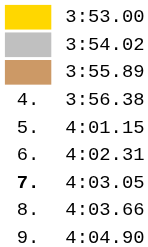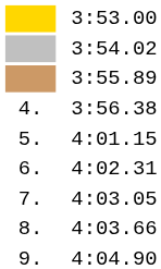 <table style="text-align:center">
 <tr>
 <td width=30 bgcolor=gold></td>
 <td align=left></td>
 <td width=60>3:53.00</td>
 </tr>
 <tr>
 <td bgcolor=silver></td>
 <td align=left></td>
 <td>3:54.02</td>
 </tr>
 <tr>
 <td bgcolor=cc9966></td>
 <td align=left></td>
 <td>3:55.89</td>
 </tr>
 <tr>
 <td>4.</td>
 <td align=left></td>
 <td>3:56.38</td>
 </tr>
 <tr>
 <td>5.</td>
 <td align=left></td>
 <td>4:01.15</td>
 </tr>
 <tr>
 <td>6.</td>
 <td align=left></td>
 <td>4:02.31</td>
 </tr>
 <tr>
-<td><strong>7.</strong></td>
+<td>7.</td>
 <td align=left></td>
 <td>4:03.05</td>
 </tr>
 <tr>
 <td>8.</td>
 <td align=left></td>
 <td>4:03.66</td>
 </tr>
 <tr>
 <td>9.</td>
 <td align=left></td>
 <td>4:04.90</td>
 </tr>
 </table>
